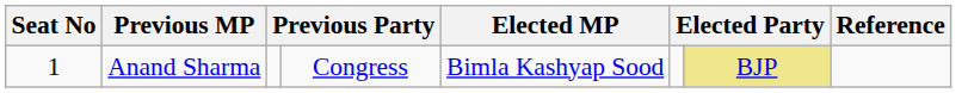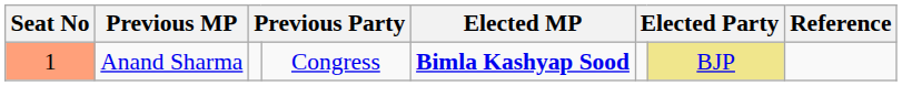 <table class="wikitable">
 <tr>
 <th>Seat No</th>
 <th>Previous MP</th>
 <th colspan=2>Previous Party</th>
 <th>Elected MP</th>
 <th colspan=2>Elected Party</th>
 <th>Reference</th>
 </tr>
 <tr style="text-align:center;">
-<td>1</td>
+<td style="background: lightsalmon;">1</td>
 <td><a href='#'>Anand Sharma</a></td>
 <td width="1px"></td>
 <td><a href='#'>Congress</a></td>
-<td><a href='#'>Bimla Kashyap Sood</a></td>
+<td><strong><a href='#'>Bimla Kashyap Sood</a></strong></td>
 <td width="1px"></td>
 <td style="background: khaki;"><a href='#'>BJP</a></td>
 <td></td>
 </tr>
 </table>
